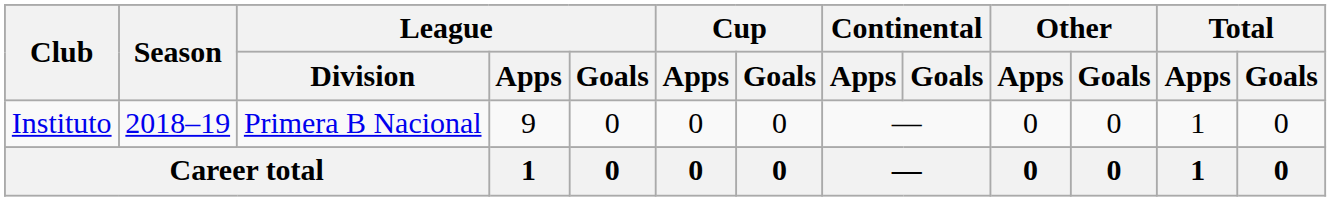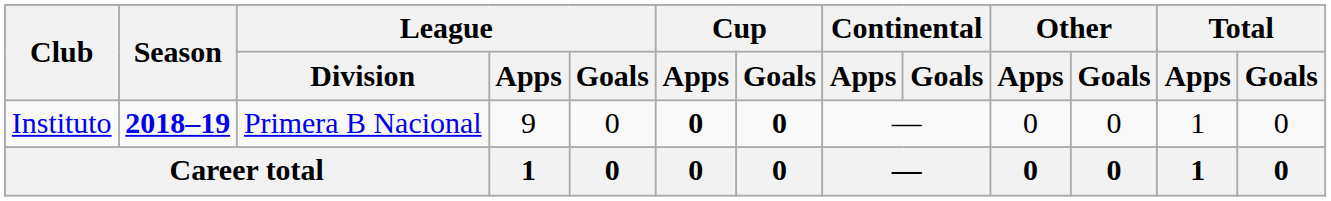 <table class="wikitable" style="text-align:center">
 <tr>
 <th rowspan="2">Club</th>
 <th rowspan="2">Season</th>
 <th colspan="3">League</th>
 <th colspan="2">Cup</th>
 <th colspan="2">Continental</th>
 <th colspan="2">Other</th>
 <th colspan="2">Total</th>
 </tr>
 <tr>
 <th>Division</th>
 <th>Apps</th>
 <th>Goals</th>
 <th>Apps</th>
 <th>Goals</th>
 <th>Apps</th>
 <th>Goals</th>
 <th>Apps</th>
 <th>Goals</th>
 <th>Apps</th>
 <th>Goals</th>
 </tr>
 <tr>
 <td rowspan="1"><a href='#'>Instituto</a></td>
-<td><a href='#'>2018–19</a></td>
+<td><strong><a href='#'>2018–19</a></strong></td>
 <td rowspan="1"><a href='#'>Primera B Nacional</a></td>
 <td>9</td>
 <td>0</td>
-<td>0</td>
-<td>0</td>
+<td><strong>0</strong></td>
+<td><strong>0</strong></td>
 <td colspan="2">—</td>
 <td>0</td>
 <td>0</td>
 <td>1</td>
 <td>0</td>
 </tr>
 <tr>
 <th colspan="3">Career total</th>
 <th>1</th>
 <th>0</th>
 <th>0</th>
 <th>0</th>
 <th colspan="2">—</th>
 <th>0</th>
 <th>0</th>
 <th>1</th>
 <th>0</th>
 </tr>
 </table>
